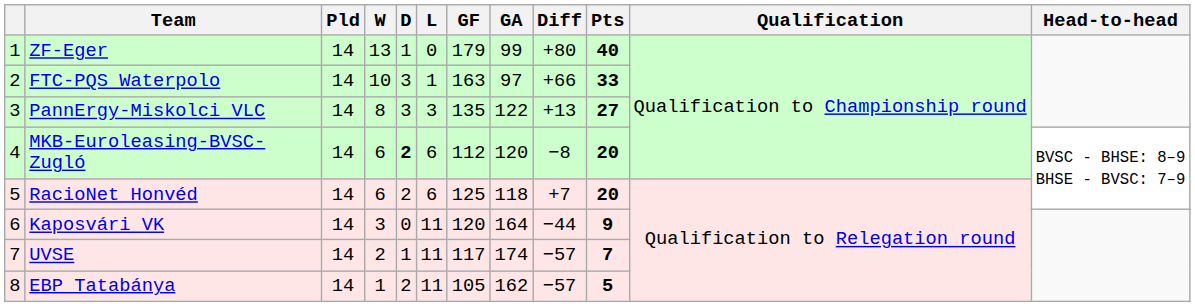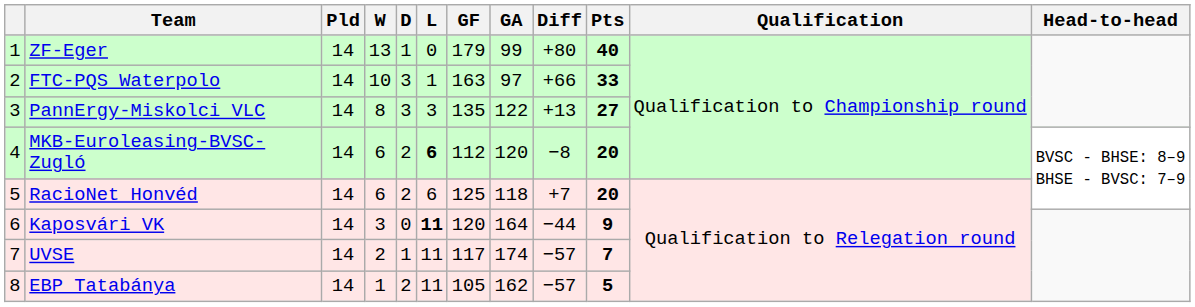 <table class="wikitable sortable" style="text-align:center">
 <tr>
 <th></th>
 <th width="200">Team</th>
 <th>Pld</th>
 <th>W</th>
 <th>D</th>
 <th>L</th>
 <th>GF</th>
 <th>GA</th>
 <th>Diff</th>
 <th>Pts</th>
 <th>Qualification</th>
 <th>Head-to-head</th>
 </tr>
 <tr style="background: #CCFFCC;">
 <td>1</td>
 <td align=left> <a href='#'>ZF-Eger</a></td>
 <td>14</td>
 <td>13</td>
 <td>1</td>
 <td>0</td>
 <td>179</td>
 <td>99</td>
 <td>+80</td>
 <td><strong>40</strong></td>
 <td rowspan="4">Qualification to <a href='#'>Championship round</a></td>
 </tr>
 <tr style="background: #CCFFCC;">
 <td>2</td>
 <td align=left> <a href='#'>FTC-PQS Waterpolo</a></td>
 <td>14</td>
 <td>10</td>
 <td>3</td>
 <td>1</td>
 <td>163</td>
 <td>97</td>
 <td>+66</td>
 <td><strong>33</strong></td>
 </tr>
 <tr style="background: #CCFFCC;">
 <td>3</td>
 <td align=left> <a href='#'>PannErgy-Miskolci VLC</a></td>
 <td>14</td>
 <td>8</td>
 <td>3</td>
 <td>3</td>
 <td>135</td>
 <td>122</td>
 <td>+13</td>
 <td><strong>27</strong></td>
 </tr>
 <tr style="background: #CCFFCC;">
 <td>4</td>
 <td align=left> <a href='#'>MKB-Euroleasing-BVSC-Zugló</a></td>
 <td>14</td>
 <td>6</td>
-<td><strong>2</strong></td>
-<td>6</td>
+<td>2</td>
+<td><strong>6</strong></td>
 <td>112</td>
 <td>120</td>
 <td>−8</td>
 <td><strong>20</strong></td>
 <td rowspan="2" style="background: #FFFFFF;"><small>BVSC - BHSE: 8–9<br>BHSE - BVSC: 7–9</small></td>
 </tr>
 <tr style="background: #FFE6E6;">
 <td>5</td>
 <td align=left> <a href='#'>RacioNet Honvéd</a></td>
 <td>14</td>
 <td>6</td>
 <td>2</td>
 <td>6</td>
 <td>125</td>
 <td>118</td>
 <td>+7</td>
 <td><strong>20</strong></td>
 <td rowspan="4">Qualification to <a href='#'>Relegation round</a></td>
 </tr>
 <tr style="background: #FFE6E6;">
 <td>6</td>
 <td align=left> <a href='#'>Kaposvári VK</a></td>
 <td>14</td>
 <td>3</td>
 <td>0</td>
-<td>11</td>
+<td><strong>11</strong></td>
 <td>120</td>
 <td>164</td>
 <td>−44</td>
 <td><strong>9</strong></td>
 </tr>
 <tr style="background: #FFE6E6;">
 <td>7</td>
 <td align=left> <a href='#'>UVSE</a></td>
 <td>14</td>
 <td>2</td>
 <td>1</td>
 <td>11</td>
 <td>117</td>
 <td>174</td>
 <td>−57</td>
 <td><strong>7</strong></td>
 </tr>
 <tr style="background: #FFE6E6;">
 <td>8</td>
 <td align=left> <a href='#'>EBP Tatabánya</a></td>
 <td>14</td>
 <td>1</td>
 <td>2</td>
 <td>11</td>
 <td>105</td>
 <td>162</td>
 <td>−57</td>
 <td><strong>5</strong></td>
 </tr>
 </table>
